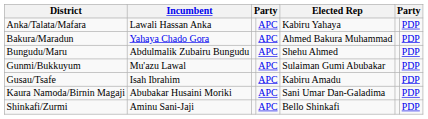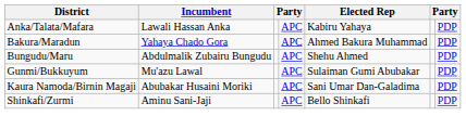 <table class="sortable wikitable" style="font-size:95%;line-height:14px;">
 <tr>
 <th class="unsortable">District</th>
 <th class="unsortable"><a href='#'>Incumbent</a></th>
 <th colspan="2">Party</th>
 <th class="unsortable">Elected Rep</th>
 <th colspan="2">Party</th>
 </tr>
 <tr>
 <td>Anka/Talata/Mafara</td>
 <td>Lawali Hassan Anka</td>
 <td style="background:"></td>
 <td><a href='#'>APC</a></td>
 <td>Kabiru Yahaya</td>
 <td style="background:"></td>
 <td><a href='#'>PDP</a></td>
 </tr>
 <tr>
 <td>Bakura/Maradun</td>
 <td><a href='#'>Yahaya Chado Gora</a></td>
 <td style="background:"></td>
 <td><a href='#'>APC</a></td>
 <td>Ahmed Bakura Muhammad</td>
 <td style="background:"></td>
 <td><a href='#'>PDP</a></td>
 </tr>
 <tr>
 <td>Bungudu/Maru</td>
 <td>Abdulmalik Zubairu Bungudu</td>
 <td style="background:"></td>
 <td><a href='#'>APC</a></td>
 <td>Shehu Ahmed</td>
 <td style="background:"></td>
 <td><a href='#'>PDP</a></td>
 </tr>
 <tr>
 <td>Gunmi/Bukkuyum</td>
 <td>Mu'azu Lawal</td>
 <td style="background:"></td>
 <td><a href='#'>APC</a></td>
 <td>Sulaiman Gumi Abubakar</td>
 <td style="background:"></td>
 <td><a href='#'>PDP</a></td>
 </tr>
 <tr>
-<td>Gusau/Tsafe</td>
-<td>Isah Ibrahim</td>
-<td style="background:"></td>
-<td><a href='#'>APC</a></td>
-<td>Kabiru Amadu</td>
-<td style="background:"></td>
-<td><a href='#'>PDP</a></td>
-</tr>
-<tr>
 <td>Kaura Namoda/Birnin Magaji</td>
 <td>Abubakar Husaini Moriki</td>
 <td style="background:"></td>
 <td><a href='#'>APC</a></td>
 <td>Sani Umar Dan-Galadima</td>
 <td style="background:"></td>
 <td><a href='#'>PDP</a></td>
 </tr>
 <tr>
 <td>Shinkafi/Zurmi</td>
 <td>Aminu Sani-Jaji</td>
 <td style="background:"></td>
 <td><a href='#'>APC</a></td>
 <td>Bello Shinkafi</td>
 <td style="background:"></td>
 <td><a href='#'>PDP</a></td>
 </tr>
 </table>
